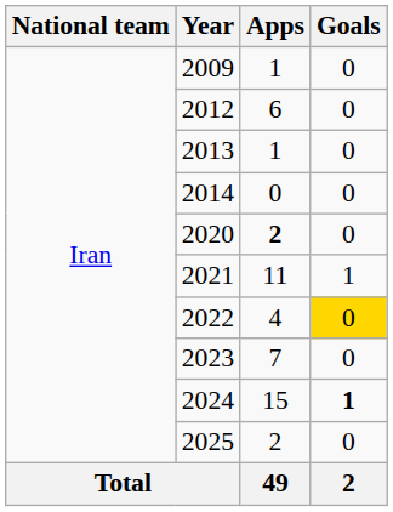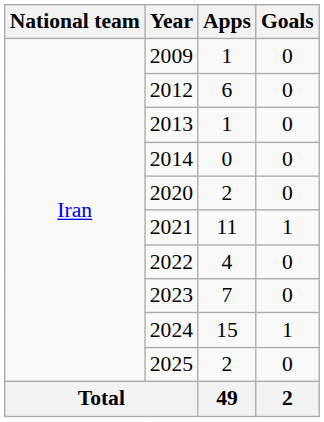 <table class="wikitable" style="text-align:center">
 <tr>
 <th>National team</th>
 <th>Year</th>
 <th>Apps</th>
 <th>Goals</th>
 </tr>
 <tr>
 <td rowspan="10"><a href='#'>Iran</a></td>
 <td>2009</td>
 <td>1</td>
 <td>0</td>
 </tr>
 <tr>
 <td>2012</td>
 <td>6</td>
 <td>0</td>
 </tr>
 <tr>
 <td>2013</td>
 <td>1</td>
 <td>0</td>
 </tr>
 <tr>
 <td>2014</td>
 <td>0</td>
 <td>0</td>
 </tr>
 <tr>
 <td>2020</td>
-<td><strong>2</strong></td>
+<td>2</td>
 <td>0</td>
 </tr>
 <tr>
 <td>2021</td>
 <td>11</td>
 <td>1</td>
 </tr>
 <tr>
 <td>2022</td>
 <td>4</td>
-<td style="background: gold;">0</td>
+<td>0</td>
 </tr>
 <tr>
 <td>2023</td>
 <td>7</td>
 <td>0</td>
 </tr>
 <tr>
 <td>2024</td>
 <td>15</td>
-<td><strong>1</strong></td>
+<td>1</td>
 </tr>
 <tr>
 <td>2025</td>
 <td>2</td>
 <td>0</td>
 </tr>
 <tr>
 <th colspan="2">Total</th>
 <th>49</th>
 <th>2</th>
 </tr>
 </table>
